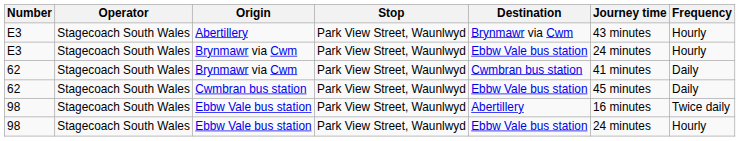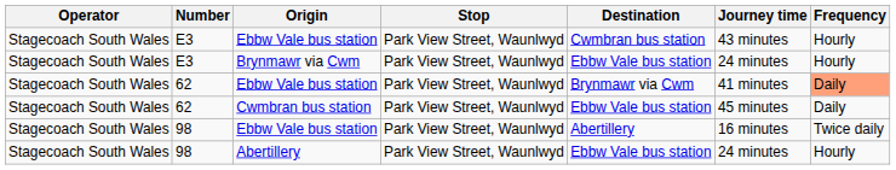 <table class="wikitable">
 <tr>
+<th>Operator</th>
 <th>Number</th>
-<th>Operator</th>
 <th>Origin</th>
 <th>Stop</th>
 <th>Destination</th>
 <th>Journey time</th>
 <th>Frequency</th>
 </tr>
 <tr>
+<td>Stagecoach South Wales</td>
 <td>E3</td>
-<td>Stagecoach South Wales</td>
-<td><a href='#'>Abertillery</a></td>
+<td><a href='#'>Ebbw Vale bus station</a></td>
 <td>Park View Street, Waunlwyd</td>
-<td><a href='#'>Brynmawr</a> via <a href='#'>Cwm</a></td>
+<td><a href='#'>Cwmbran bus station</a></td>
 <td>43 minutes</td>
 <td>Hourly</td>
 </tr>
 <tr>
+<td>Stagecoach South Wales</td>
 <td>E3</td>
-<td>Stagecoach South Wales</td>
 <td><a href='#'>Brynmawr</a> via <a href='#'>Cwm</a></td>
 <td>Park View Street, Waunlwyd</td>
 <td><a href='#'>Ebbw Vale bus station</a></td>
 <td>24 minutes</td>
 <td>Hourly</td>
 </tr>
 <tr>
+<td>Stagecoach South Wales</td>
 <td>62</td>
-<td>Stagecoach South Wales</td>
+<td><a href='#'>Ebbw Vale bus station</a></td>
+<td>Park View Street, Waunlwyd</td>
 <td><a href='#'>Brynmawr</a> via <a href='#'>Cwm</a></td>
-<td>Park View Street, Waunlwyd</td>
-<td><a href='#'>Cwmbran bus station</a></td>
 <td>41 minutes</td>
-<td>Daily</td>
+<td style="background: lightsalmon;">Daily</td>
 </tr>
 <tr>
+<td>Stagecoach South Wales</td>
 <td>62</td>
-<td>Stagecoach South Wales</td>
 <td><a href='#'>Cwmbran bus station</a></td>
 <td>Park View Street, Waunlwyd</td>
 <td><a href='#'>Ebbw Vale bus station</a></td>
 <td>45 minutes</td>
 <td>Daily</td>
 </tr>
 <tr>
+<td>Stagecoach South Wales</td>
 <td>98</td>
-<td>Stagecoach South Wales</td>
 <td><a href='#'>Ebbw Vale bus station</a></td>
 <td>Park View Street, Waunlwyd</td>
 <td><a href='#'>Abertillery</a></td>
 <td>16 minutes</td>
 <td>Twice daily</td>
 </tr>
 <tr>
+<td>Stagecoach South Wales</td>
 <td>98</td>
-<td>Stagecoach South Wales</td>
-<td><a href='#'>Ebbw Vale bus station</a></td>
+<td><a href='#'>Abertillery</a></td>
 <td>Park View Street, Waunlwyd</td>
 <td><a href='#'>Ebbw Vale bus station</a></td>
 <td>24 minutes</td>
 <td>Hourly</td>
 </tr>
 </table>
